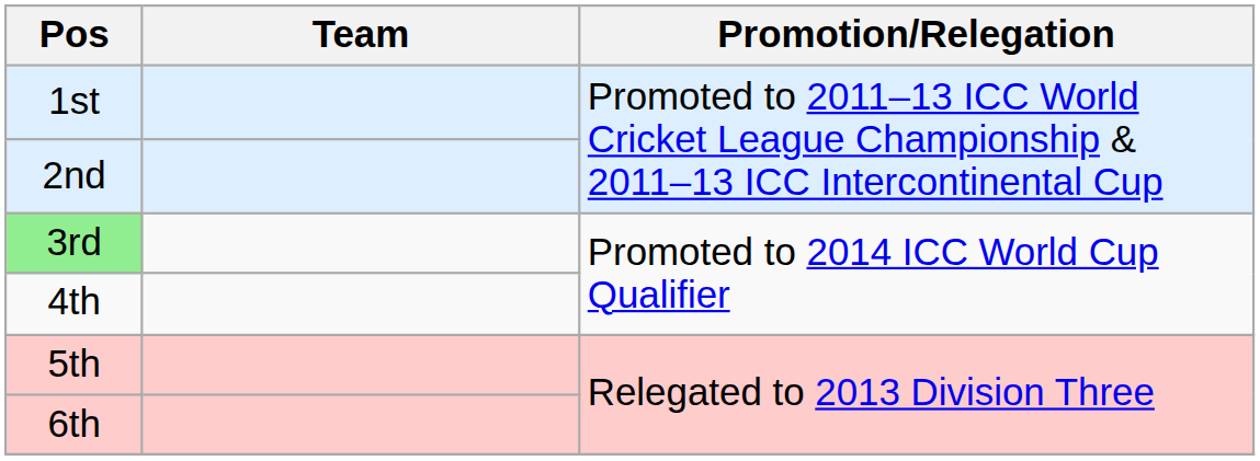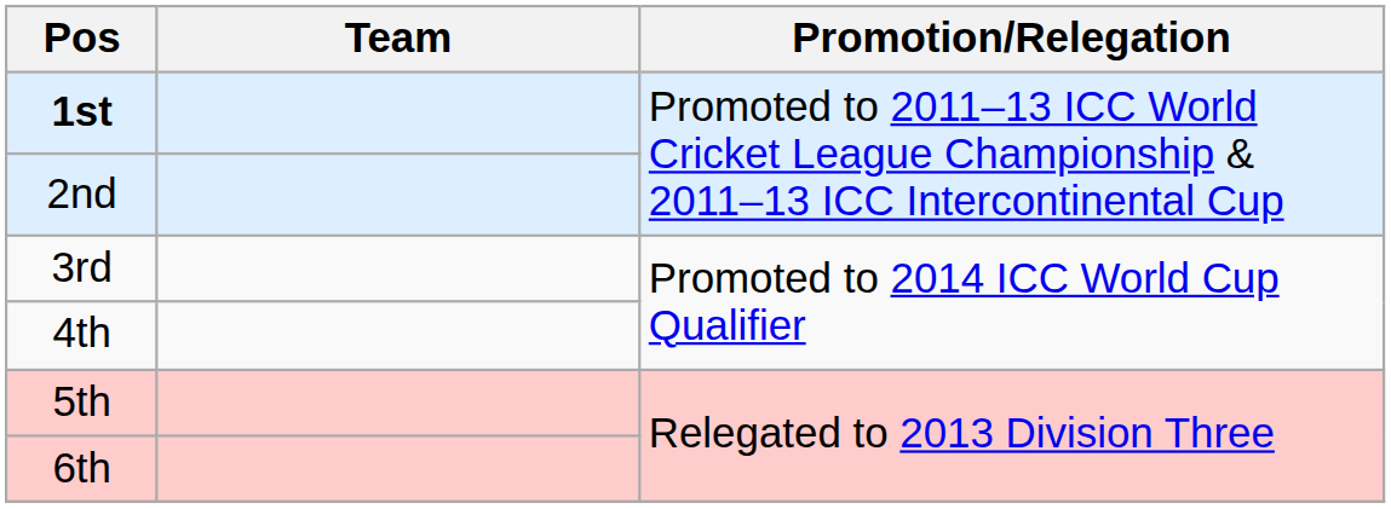 <table class="wikitable">
 <tr>
 <th width=50>Pos</th>
 <th width=175>Team</th>
 <th width=275>Promotion/Relegation</th>
 </tr>
 <tr style="background:#ddeeff">
-<td align="center">1st</td>
+<td align="center"><strong>1st</strong></td>
 <td></td>
 <td rowspan=2>Promoted to <a href='#'>2011–13 ICC World Cricket League Championship</a> & <a href='#'>2011–13 ICC Intercontinental Cup</a></td>
 </tr>
 <tr style="background:#ddeeff">
 <td align="center">2nd</td>
 <td></td>
 </tr>
 <tr>
-<td align="center" style="background: lightgreen;">3rd</td>
+<td align="center">3rd</td>
 <td></td>
 <td rowspan=2>Promoted to <a href='#'>2014 ICC World Cup Qualifier</a></td>
 </tr>
 <tr>
 <td align="center">4th</td>
 <td></td>
 </tr>
 <tr style="background:#ffcccc">
 <td align="center">5th</td>
 <td></td>
 <td rowspan=2>Relegated to <a href='#'>2013 Division Three</a></td>
 </tr>
 <tr style="background:#ffcccc">
 <td align="center">6th</td>
 <td></td>
 </tr>
 <tr>
 </tr>
 </table>
